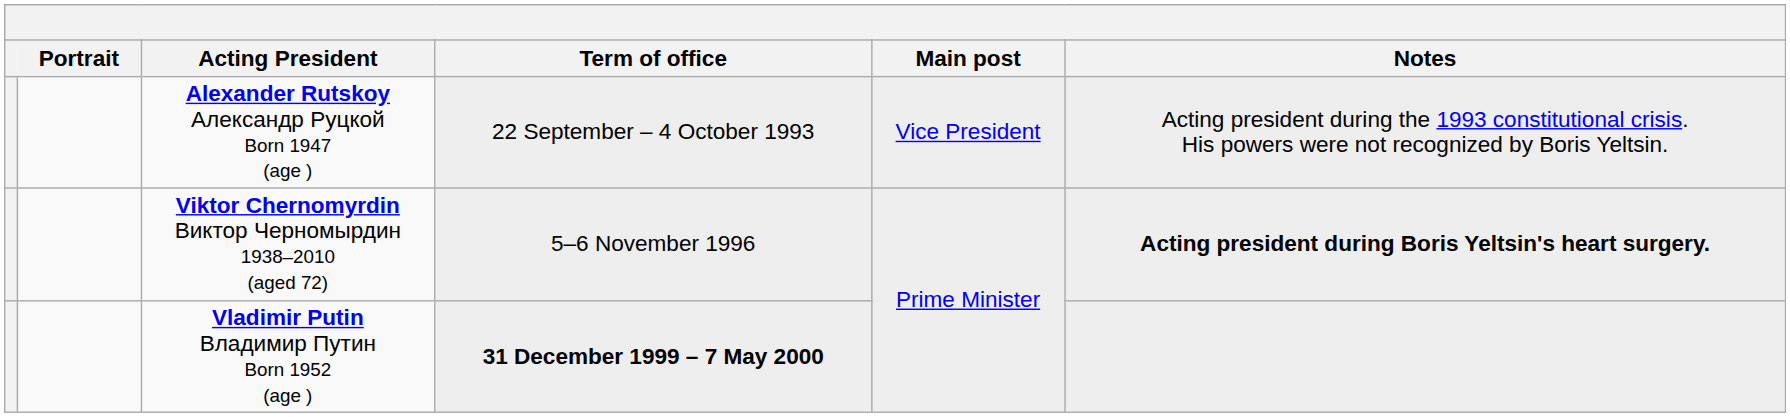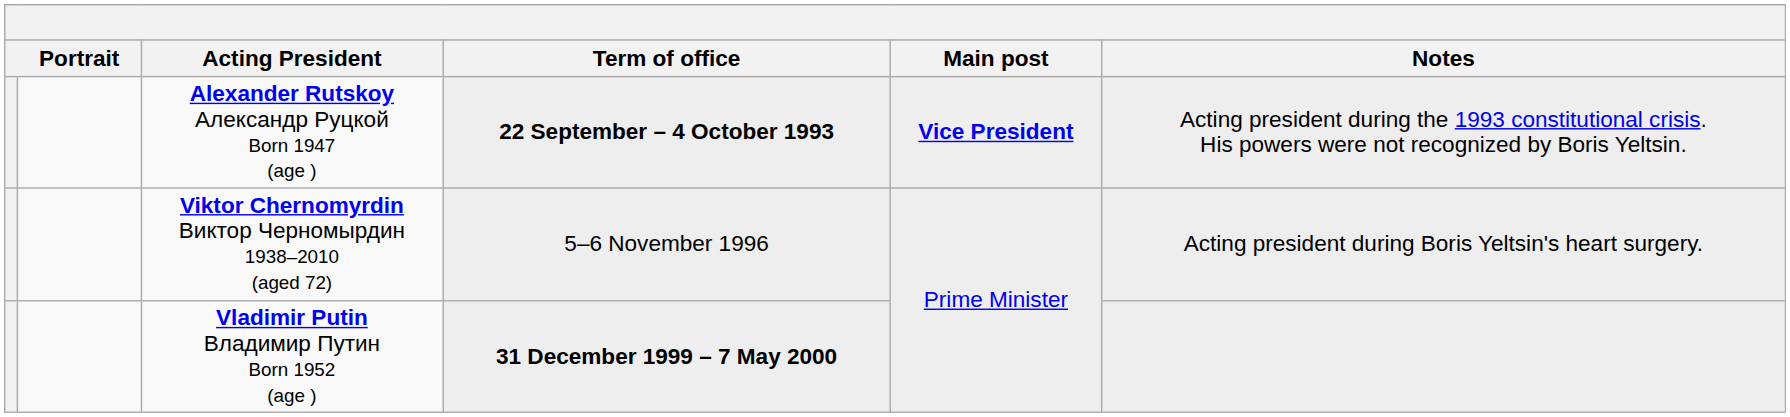 <table class="wikitable" style="margin:1em auto; width:100%; text-align:center;">
 <tr style="background:#cccccc">
 <th colspan=6><br>   </th>
 </tr>
 <tr>
 <th align="center" style="border-right:none"></th>
 <th align="center" style="border-left:none">Portrait</th>
 <th align="center">Acting President</th>
 <th align="center">Term of office</th>
 <th align="center">Main post</th>
 <th align="center">Notes</th>
 </tr>
 <tr>
 <th style="background:"></th>
 <td style="width:80px"></td>
 <td><strong><a href='#'>Alexander Rutskoy</a></strong><br><span>Александр Руцкой</span><small><br>Born 1947<br>(age )</small></td>
-<td style="background:#EEEEEE">22 September – 4 October 1993</td>
-<td style="background:#EEEEEE"><a href='#'>Vice President</a></td>
+<td style="background:#EEEEEE"><strong>22 September – 4 October 1993</strong></td>
+<td style="background:#EEEEEE"><strong><a href='#'>Vice President</a></strong></td>
 <td style="background:#EEEEEE">Acting president during the <a href='#'>1993 constitutional crisis</a>.<br>His powers were not recognized by Boris Yeltsin.</td>
 </tr>
 <tr>
 <th style="background:"></th>
 <td></td>
 <td><strong><a href='#'>Viktor Chernomyrdin</a></strong><br><span>Виктор Черномырдин</span><small><br>1938–2010<br>(aged 72)</small></td>
 <td style="background:#EEEEEE">5–6 November 1996</td>
 <td rowspan="2" style="background:#EEEEEE"><a href='#'>Prime Minister</a></td>
-<td style="background:#EEEEEE"><strong>Acting president during Boris Yeltsin's heart surgery.</strong></td>
+<td style="background:#EEEEEE">Acting president during Boris Yeltsin's heart surgery.</td>
 </tr>
 <tr>
 <th style="background:"></th>
 <td></td>
 <td><strong><a href='#'>Vladimir Putin</a></strong><br><span>Владимир Путин</span><small><br>Born 1952<br>(age )</small></td>
 <td style="background:#EEEEEE"><strong>31 December 1999 – 7 May 2000</strong></td>
 <td style="background:#EEEEEE"></td>
 </tr>
 </table>
